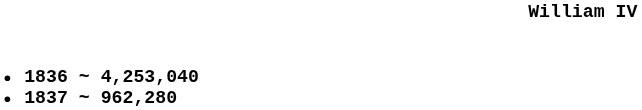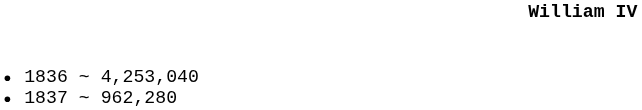 <table class="toccolours collapsible collapsed" style="width:100%; background:inherit">
 <tr>
 <th>William IV</th>
 </tr>
 <tr>
-<td><strong><br><ul><li>1836 ~ 4,253,040</li><li>1837 ~ 962,280</li></ul></strong></td>
+<td><br><ul><li>1836 ~ 4,253,040</li><li>1837 ~ 962,280</li></ul></td>
 </tr>
 </table>
